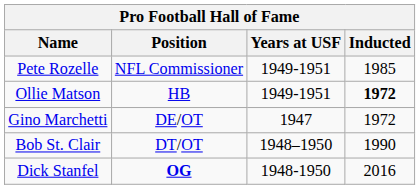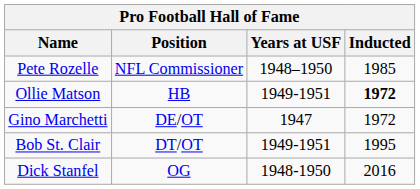 <table class="wikitable">
 <tr align="center">
 <th colspan=5>Pro Football Hall of Fame</th>
 </tr>
 <tr>
 <th>Name</th>
 <th>Position</th>
 <th>Years at USF</th>
 <th>Inducted</th>
 </tr>
 <tr align="center" bgcolor="">
 <td><a href='#'>Pete Rozelle</a></td>
 <td><a href='#'>NFL Commissioner</a></td>
-<td>1949-1951</td>
+<td>1948–1950</td>
 <td>1985</td>
 </tr>
 <tr align="center" bgcolor="">
 <td><a href='#'>Ollie Matson</a></td>
 <td><a href='#'>HB</a></td>
 <td>1949-1951</td>
 <td><strong>1972</strong></td>
 </tr>
 <tr align="center" bgcolor="">
 <td><a href='#'>Gino Marchetti</a></td>
 <td><a href='#'>DE</a>/<a href='#'>OT</a></td>
 <td>1947</td>
 <td>1972</td>
 </tr>
 <tr align="center" bgcolor="">
 <td><a href='#'>Bob St. Clair</a></td>
 <td><a href='#'>DT</a>/<a href='#'>OT</a></td>
-<td>1948–1950</td>
-<td>1990</td>
+<td>1949-1951</td>
+<td>1995</td>
 </tr>
 <tr align="center" bgcolor="">
 <td><a href='#'>Dick Stanfel</a></td>
-<td><strong><a href='#'>OG</a></strong></td>
+<td><a href='#'>OG</a></td>
 <td>1948-1950</td>
 <td>2016</td>
 </tr>
 </table>
